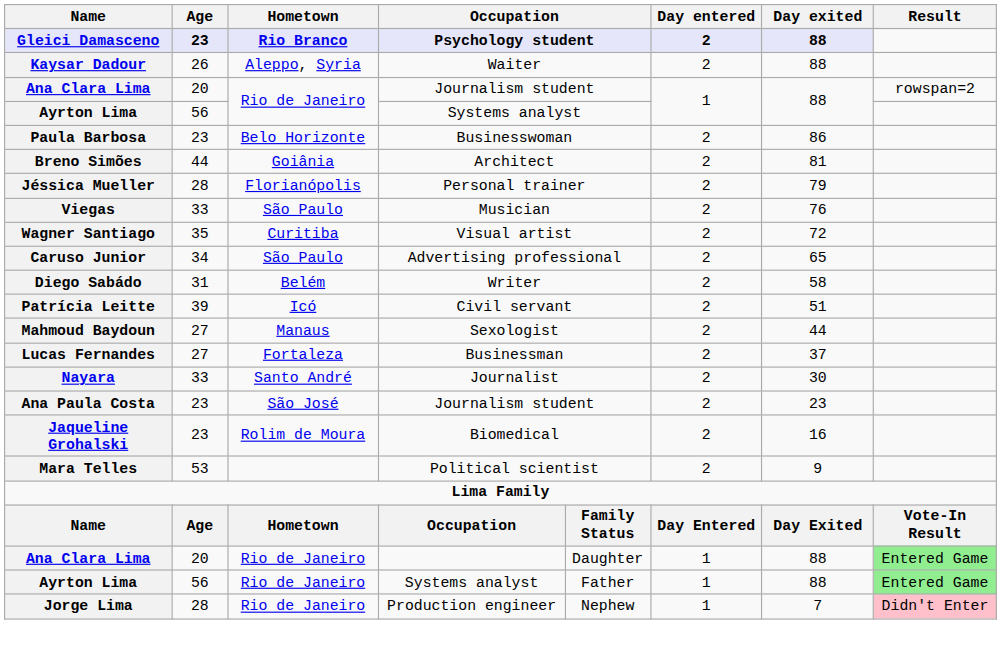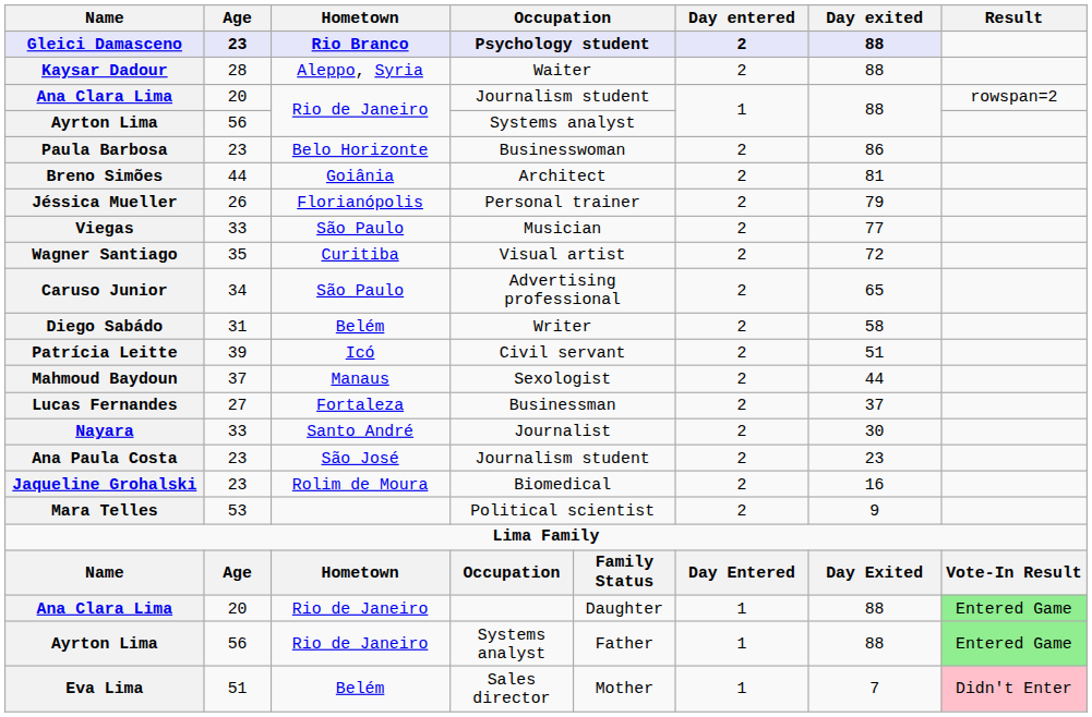 <table class="wikitable sortable" style="text-align:center;">
 <tr>
 <th scope="col" width="15.0%">Name</th>
 <th scope="col" width="05.0%">Age</th>
 <th scope="col" width="13.5%">Hometown</th>
 <th scope="col" width="14.5%" colspan=2>Occupation</th>
 <th scope="col" width="10.0%">Day entered</th>
 <th scope="col" width="10.0%">Day exited</th>
 <th scope="col" width="11.0%">Result</th>
 </tr>
 <tr>
 <td bgcolor="E6E6FA"><strong><a href='#'>Gleici Damasceno</a></strong></td>
 <td bgcolor="E6E6FA"><strong>23</strong></td>
 <td bgcolor="E6E6FA"><strong><a href='#'>Rio Branco</a></strong></td>
 <td colspan=2 bgcolor="E6E6FA"><strong>Psychology student</strong></td>
 <td bgcolor="E6E6FA"><strong>2</strong></td>
 <td bgcolor="E6E6FA"><strong>88</strong></td>
 <td></td>
 </tr>
 <tr>
 <th><a href='#'>Kaysar Dadour</a></th>
-<td>26</td>
+<td>28</td>
 <td><a href='#'>Aleppo</a>, <a href='#'>Syria</a></td>
 <td colspan=2>Waiter</td>
 <td>2</td>
 <td>88</td>
 <td></td>
 </tr>
 <tr>
 <th><a href='#'>Ana Clara Lima</a></th>
 <td>20</td>
 <td rowspan=2><a href='#'>Rio de Janeiro</a></td>
 <td colspan=2>Journalism student</td>
 <td rowspan=2>1</td>
 <td rowspan=2>88</td>
 <td>rowspan=2 </td>
 </tr>
 <tr>
 <th>Ayrton Lima</th>
 <td>56</td>
 <td colspan=2>Systems analyst</td>
 </tr>
 <tr>
 <th>Paula Barbosa</th>
 <td>23</td>
 <td><a href='#'>Belo Horizonte</a></td>
 <td colspan=2>Businesswoman</td>
 <td>2</td>
 <td>86</td>
 <td></td>
 </tr>
 <tr>
 <th>Breno Simões</th>
 <td>44</td>
 <td><a href='#'>Goiânia</a></td>
 <td colspan=2>Architect</td>
 <td>2</td>
 <td>81</td>
 <td></td>
 </tr>
 <tr>
 <th>Jéssica Mueller</th>
-<td>28</td>
+<td>26</td>
 <td><a href='#'>Florianópolis</a></td>
 <td colspan=2>Personal trainer</td>
 <td>2</td>
 <td>79</td>
 <td></td>
 </tr>
 <tr>
 <th>Viegas </th>
 <td>33</td>
 <td><a href='#'>São Paulo</a></td>
 <td colspan=2>Musician</td>
 <td>2</td>
-<td>76</td>
+<td>77</td>
 <td></td>
 </tr>
 <tr>
 <th>Wagner Santiago</th>
 <td>35</td>
 <td><a href='#'>Curitiba</a></td>
 <td colspan=2>Visual artist</td>
 <td>2</td>
 <td>72</td>
 <td></td>
 </tr>
 <tr>
 <th>Caruso Junior</th>
 <td>34</td>
 <td><a href='#'>São Paulo</a></td>
 <td colspan=2>Advertising professional</td>
 <td>2</td>
 <td>65</td>
 <td></td>
 </tr>
 <tr>
 <th>Diego Sabádo</th>
 <td>31</td>
 <td><a href='#'>Belém</a></td>
 <td colspan=2>Writer</td>
 <td>2</td>
 <td>58</td>
 <td></td>
 </tr>
 <tr>
 <th>Patrícia Leitte</th>
 <td>39</td>
 <td><a href='#'>Icó</a></td>
 <td colspan=2>Civil servant</td>
 <td>2</td>
 <td>51</td>
 <td></td>
 </tr>
 <tr>
 <th>Mahmoud Baydoun</th>
-<td>27</td>
+<td>37</td>
 <td><a href='#'>Manaus</a></td>
 <td colspan=2>Sexologist</td>
 <td>2</td>
 <td>44</td>
 <td></td>
 </tr>
 <tr>
 <th>Lucas Fernandes</th>
 <td>27</td>
 <td><a href='#'>Fortaleza</a></td>
 <td colspan=2>Businessman</td>
 <td>2</td>
 <td>37</td>
 <td></td>
 </tr>
 <tr>
 <th><a href='#'>Nayara </a></th>
 <td>33</td>
 <td><a href='#'>Santo André</a></td>
 <td colspan=2>Journalist</td>
 <td>2</td>
 <td>30</td>
 <td></td>
 </tr>
 <tr>
 <th>Ana Paula Costa</th>
 <td>23</td>
 <td><a href='#'>São José</a></td>
 <td colspan=2>Journalism student</td>
 <td>2</td>
 <td>23</td>
 <td></td>
 </tr>
 <tr>
 <th><a href='#'>Jaqueline Grohalski</a></th>
 <td>23</td>
 <td><a href='#'>Rolim de Moura</a></td>
 <td colspan=2>Biomedical</td>
 <td>2</td>
 <td>16</td>
 <td></td>
 </tr>
 <tr>
 <th>Mara Telles</th>
 <td>53</td>
 <td></td>
 <td colspan=2>Political scientist</td>
 <td>2</td>
 <td>9</td>
 <td></td>
 </tr>
 <tr>
 <td colspan=8><strong>Lima Family</strong></td>
 </tr>
 <tr>
 <th>Name</th>
 <th>Age</th>
 <th>Hometown</th>
 <th>Occupation</th>
 <th>Family Status</th>
 <th>Day Entered</th>
 <th>Day Exited</th>
 <th>Vote-In Result</th>
 </tr>
 <tr>
 <th><a href='#'>Ana Clara Lima</a></th>
 <td>20</td>
 <td><a href='#'>Rio de Janeiro</a></td>
 <td></td>
 <td>Daughter</td>
 <td>1</td>
 <td>88</td>
 <td style="background:#90EE90;">Entered Game</td>
 </tr>
 <tr>
 <th>Ayrton Lima</th>
 <td>56</td>
 <td><a href='#'>Rio de Janeiro</a></td>
 <td>Systems analyst</td>
 <td>Father</td>
 <td>1</td>
 <td>88</td>
 <td style="background:#90EE90;">Entered Game</td>
 </tr>
 <tr>
-<th>Jorge Lima</th>
-<td>28</td>
-<td><a href='#'>Rio de Janeiro</a></td>
-<td nowrap>Production engineer</td>
-<td>Nephew</td>
+<th>Eva Lima</th>
+<td>51</td>
+<td><a href='#'>Belém</a></td>
+<td>Sales director</td>
+<td>Mother</td>
 <td>1</td>
 <td>7</td>
 <td style="background:#FFC0CB;">Didn't Enter</td>
 </tr>
 </table>
